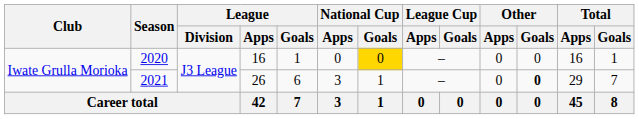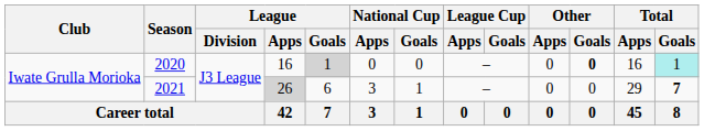 <table class="wikitable" style="text-align: center">
 <tr>
 <th rowspan="2">Club</th>
 <th rowspan="2">Season</th>
 <th colspan="3">League</th>
 <th colspan="2">National Cup</th>
 <th colspan="2">League Cup</th>
 <th colspan="2">Other</th>
 <th colspan="2">Total</th>
 </tr>
 <tr>
 <th>Division</th>
 <th>Apps</th>
 <th>Goals</th>
 <th>Apps</th>
 <th>Goals</th>
 <th>Apps</th>
 <th>Goals</th>
 <th>Apps</th>
 <th>Goals</th>
 <th>Apps</th>
 <th>Goals</th>
 </tr>
 <tr>
 <td rowspan="2"><a href='#'>Iwate Grulla Morioka</a></td>
 <td><a href='#'>2020</a></td>
 <td rowspan="2"><a href='#'>J3 League</a></td>
 <td>16</td>
-<td>1</td>
+<td style="background: lightgrey;">1</td>
 <td>0</td>
-<td style="background: gold;">0</td>
+<td>0</td>
 <td colspan="2">–</td>
 <td>0</td>
-<td>0</td>
+<td><strong>0</strong></td>
 <td>16</td>
-<td>1</td>
+<td style="background: paleturquoise;">1</td>
 </tr>
 <tr>
 <td><a href='#'>2021</a></td>
-<td>26</td>
+<td style="background: lightgrey;">26</td>
 <td>6</td>
 <td>3</td>
 <td>1</td>
 <td colspan="2">–</td>
 <td>0</td>
-<td><strong>0</strong></td>
+<td>0</td>
 <td>29</td>
-<td>7</td>
+<td><strong>7</strong></td>
 </tr>
 <tr>
 <th colspan=3>Career total</th>
 <th>42</th>
 <th>7</th>
 <th>3</th>
 <th>1</th>
 <th>0</th>
 <th>0</th>
 <th>0</th>
 <th>0</th>
 <th>45</th>
 <th>8</th>
 </tr>
 </table>
